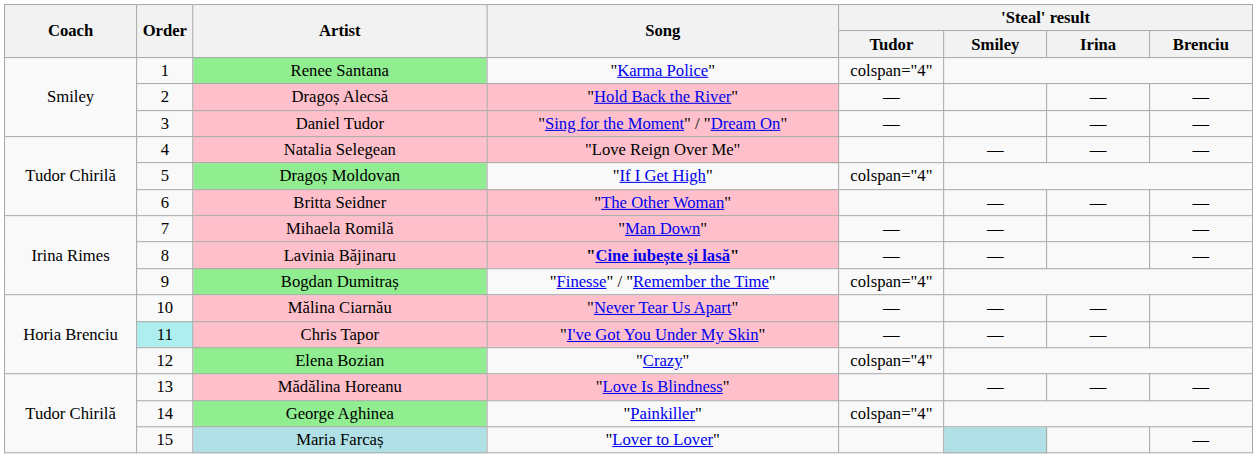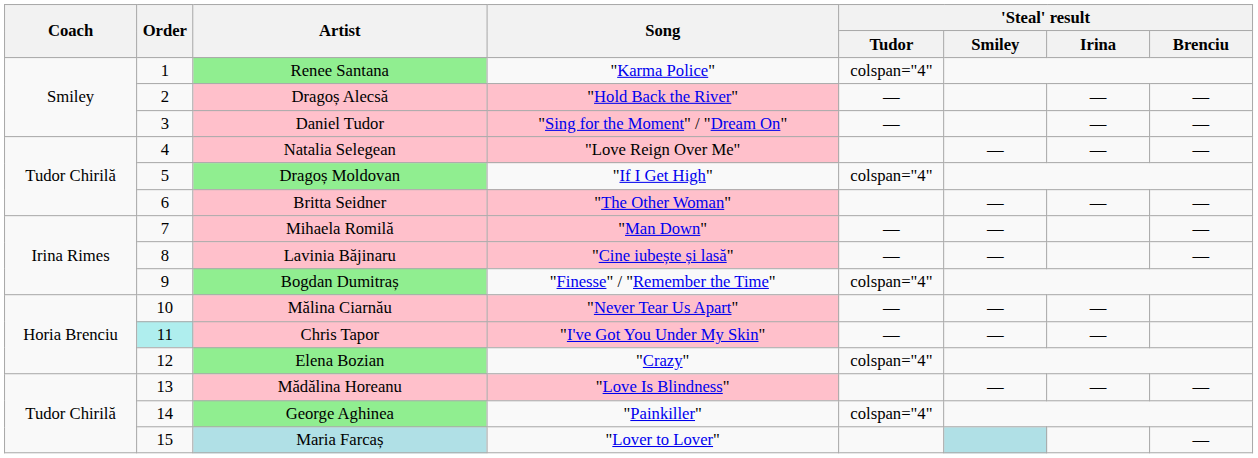 <table class="wikitable" style="text-align: center; width:95%;">
 <tr>
 <th style="width:09%;" rowspan="2">Coach</th>
 <th style="width:02%;" rowspan="2">Order</th>
 <th style="width:20%;" rowspan="2">Artist</th>
 <th style="width:24%;" rowspan="2">Song</th>
 <th colspan="4" style="width:28%;">'Steal' result</th>
 </tr>
 <tr>
 <th style="width:07%;">Tudor</th>
 <th style="width:07%;">Smiley</th>
 <th style="width:07%;">Irina</th>
 <th style="width:07%;">Brenciu</th>
 </tr>
 <tr>
 <td rowspan="3">Smiley</td>
 <td>1</td>
 <td bgcolor="lightgreen">Renee Santana</td>
 <td>"<a href='#'>Karma Police</a>"</td>
 <td>colspan="4" </td>
 </tr>
 <tr>
 <td>2</td>
 <td bgcolor="pink">Dragoș Alecsă</td>
 <td bgcolor="pink">"<a href='#'>Hold Back the River</a>"</td>
 <td>—</td>
 <td></td>
 <td>—</td>
 <td>—</td>
 </tr>
 <tr>
 <td>3</td>
 <td bgcolor="pink">Daniel Tudor</td>
 <td bgcolor="pink">"<a href='#'>Sing for the Moment</a>" / "<a href='#'>Dream On</a>"</td>
 <td>—</td>
 <td></td>
 <td>—</td>
 <td>—</td>
 </tr>
 <tr>
 <td rowspan="3">Tudor Chirilă</td>
 <td>4</td>
 <td bgcolor="pink">Natalia Selegean</td>
 <td bgcolor="pink">"Love Reign Over Me"</td>
 <td></td>
 <td>—</td>
 <td>—</td>
 <td>—</td>
 </tr>
 <tr>
 <td>5</td>
 <td bgcolor="lightgreen">Dragoș Moldovan</td>
 <td>"<a href='#'>If I Get High</a>"</td>
 <td>colspan="4" </td>
 </tr>
 <tr>
 <td>6</td>
 <td bgcolor="pink">Britta Seidner</td>
 <td bgcolor="pink">"<a href='#'>The Other Woman</a>"</td>
 <td></td>
 <td>—</td>
 <td>—</td>
 <td>—</td>
 </tr>
 <tr>
 <td rowspan="3">Irina Rimes</td>
 <td>7</td>
 <td bgcolor="pink">Mihaela Romilă</td>
 <td bgcolor="pink">"<a href='#'>Man Down</a>"</td>
 <td>—</td>
 <td>—</td>
 <td></td>
 <td>—</td>
 </tr>
 <tr>
 <td>8</td>
 <td bgcolor="pink">Lavinia Băjinaru</td>
-<td bgcolor="pink"><strong>"<a href='#'>Cine iubește și lasă</a>"</strong></td>
+<td bgcolor="pink">"<a href='#'>Cine iubește și lasă</a>"</td>
 <td>—</td>
 <td>—</td>
 <td></td>
 <td>—</td>
 </tr>
 <tr>
 <td>9</td>
 <td bgcolor="lightgreen">Bogdan Dumitraș</td>
 <td>"<a href='#'>Finesse</a>" / "<a href='#'>Remember the Time</a>"</td>
 <td>colspan="4" </td>
 </tr>
 <tr>
 <td rowspan="3">Horia Brenciu</td>
 <td>10</td>
 <td bgcolor="pink">Mălina Ciarnău</td>
 <td bgcolor="pink">"<a href='#'>Never Tear Us Apart</a>"</td>
 <td>—</td>
 <td>—</td>
 <td>—</td>
 <td></td>
 </tr>
 <tr>
 <td style="background: paleturquoise;">11</td>
 <td bgcolor="pink">Chris Tapor</td>
 <td bgcolor="pink">"<a href='#'>I've Got You Under My Skin</a>"</td>
 <td>—</td>
 <td>—</td>
 <td>—</td>
 <td></td>
 </tr>
 <tr>
 <td>12</td>
 <td bgcolor="lightgreen">Elena Bozian</td>
 <td>"<a href='#'>Crazy</a>"</td>
 <td>colspan="4" </td>
 </tr>
 <tr>
 <td rowspan="3">Tudor Chirilă</td>
 <td>13</td>
 <td bgcolor="pink">Mădălina Horeanu</td>
 <td bgcolor="pink">"<a href='#'>Love Is Blindness</a>"</td>
 <td></td>
 <td>—</td>
 <td>—</td>
 <td>—</td>
 </tr>
 <tr>
 <td>14</td>
 <td bgcolor="lightgreen">George Aghinea</td>
 <td>"<a href='#'>Painkiller</a>"</td>
 <td>colspan="4" </td>
 </tr>
 <tr>
 <td>15</td>
 <td bgcolor="#b0e0e6">Maria Farcaș</td>
 <td>"<a href='#'>Lover to Lover</a>"</td>
 <td></td>
 <td bgcolor="#b0e0e6"><strong></strong></td>
 <td><strong></strong></td>
 <td>—</td>
 </tr>
 </table>
